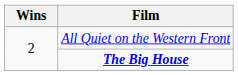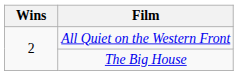 <table class="wikitable plainrowheaders" style="text-align: center; float:left; margin-right:1em;">
 <tr>
 <th scope="col" style="width:55px;">Wins</th>
 <th scope="col" style="text-align:center;">Film</th>
 </tr>
 <tr>
 <td scope="row" rowspan="2" style="text-align:center">2</td>
 <td><em><a href='#'>All Quiet on the Western Front</a></em></td>
 </tr>
 <tr>
-<td><strong><em><a href='#'>The Big House</a></em></strong></td>
+<td><em><a href='#'>The Big House</a></em></td>
 </tr>
 </table>
